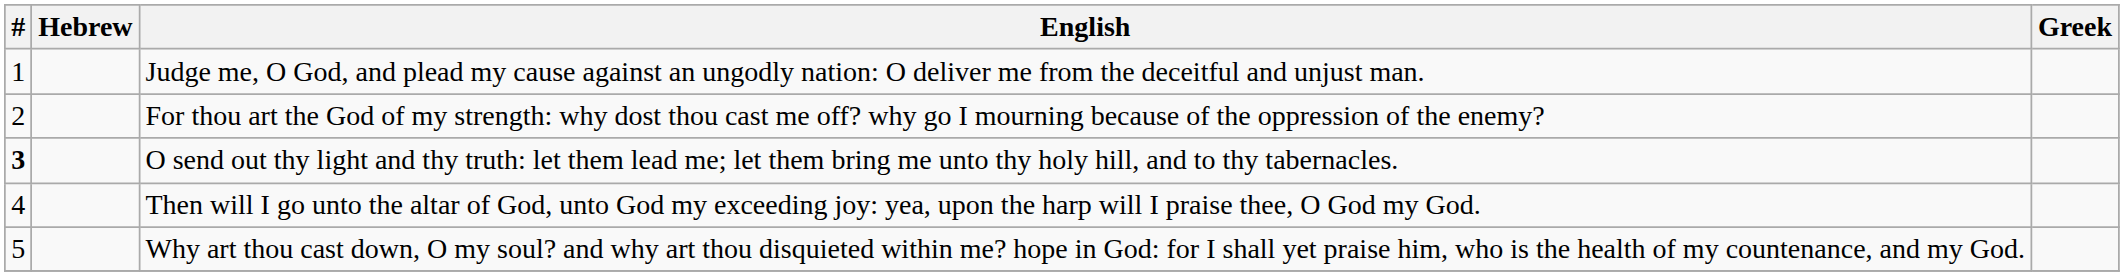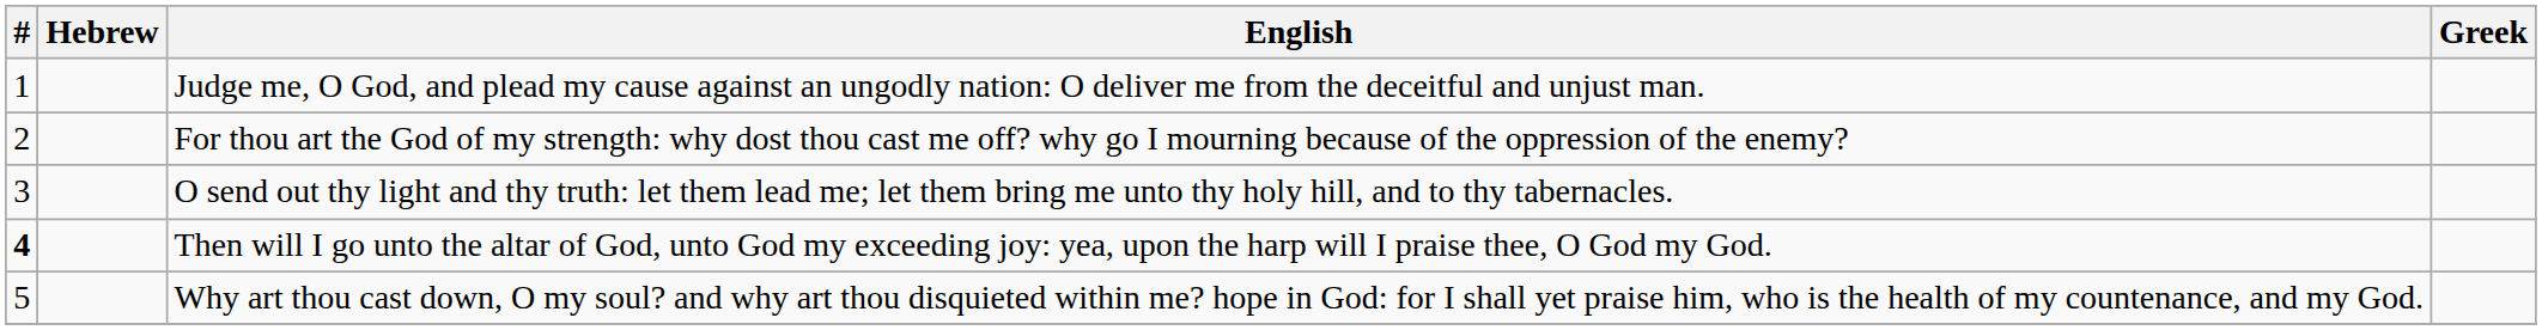 <table class=wikitable>
 <tr>
 <th>#</th>
 <th>Hebrew</th>
 <th>English</th>
 <th>Greek</th>
 </tr>
 <tr>
 <td style="text-align:right">1</td>
 <td style="text-align:right"></td>
 <td>Judge me, O God, and plead my cause against an ungodly nation: O deliver me from the deceitful and unjust man.</td>
 <td></td>
 </tr>
 <tr>
 <td style="text-align:right">2</td>
 <td style="text-align:right"></td>
 <td>For thou art the God of my strength: why dost thou cast me off? why go I mourning because of the oppression of the enemy?</td>
 <td></td>
 </tr>
 <tr>
-<td style="text-align:right"><strong>3</strong></td>
+<td style="text-align:right">3</td>
 <td style="text-align:right"></td>
 <td>O send out thy light and thy truth: let them lead me; let them bring me unto thy holy hill, and to thy tabernacles.</td>
 <td></td>
 </tr>
 <tr>
-<td style="text-align:right">4</td>
+<td style="text-align:right"><strong>4</strong></td>
 <td style="text-align:right"></td>
 <td>Then will I go unto the altar of God, unto God my exceeding joy: yea, upon the harp will I praise thee, O God my God.</td>
 <td></td>
 </tr>
 <tr>
 <td style="text-align:right">5</td>
 <td style="text-align:right"></td>
 <td>Why art thou cast down, O my soul? and why art thou disquieted within me? hope in God: for I shall yet praise him, who is the health of my countenance, and my God.</td>
 <td></td>
 </tr>
 <tr>
 </tr>
 </table>
